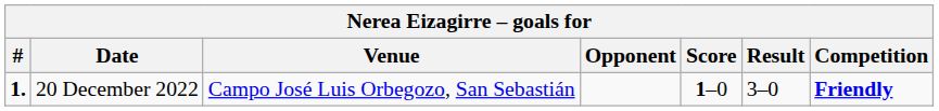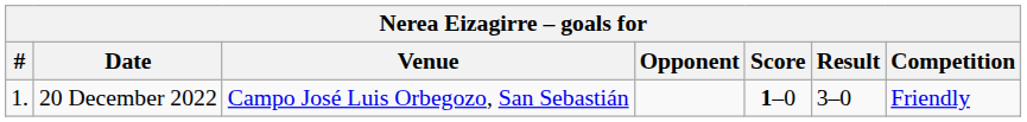 <table class="wikitable">
 <tr>
 <th colspan="7"><strong>Nerea Eizagirre – goals for </strong></th>
 </tr>
 <tr>
 <th>#</th>
 <th>Date</th>
 <th>Venue</th>
 <th>Opponent</th>
 <th>Score</th>
 <th>Result</th>
 <th>Competition</th>
 </tr>
 <tr>
-<td align="center"><strong>1.</strong></td>
+<td align="center">1.</td>
 <td>20 December 2022</td>
 <td><a href='#'>Campo José Luis Orbegozo</a>, <a href='#'>San Sebastián</a></td>
 <td></td>
 <td align=center><strong>1</strong>–0</td>
 <td>3–0</td>
-<td><strong><a href='#'>Friendly</a></strong></td>
+<td><a href='#'>Friendly</a></td>
 </tr>
 </table>
